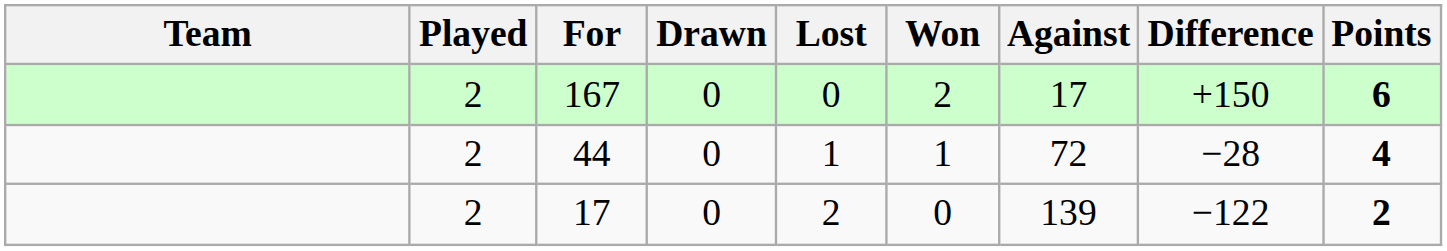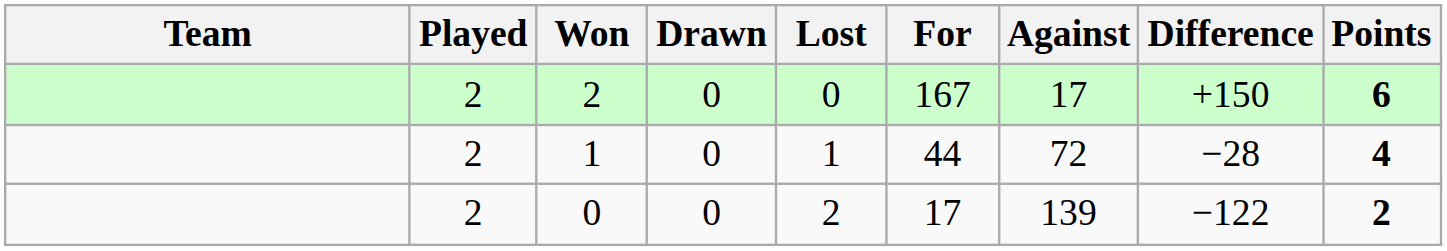 <table class="wikitable" style="text-align:center">
 <tr>
 <th width=165>Team</th>
 <th width=40>Played</th>
-<th width=40>For</th>
+<th width=40>Won</th>
 <th width=40>Drawn</th>
 <th width=40>Lost</th>
-<th width=40>Won</th>
+<th width=40>For</th>
 <th width=40>Against</th>
 <th width=40>Difference</th>
 <th width=40>Points</th>
 </tr>
 <tr bgcolor=#ccffcc>
 <td style="text-align:left"></td>
 <td>2</td>
-<td>167</td>
+<td>2</td>
 <td>0</td>
 <td>0</td>
-<td>2</td>
+<td>167</td>
 <td>17</td>
 <td>+150</td>
 <td><strong>6</strong></td>
 </tr>
 <tr>
 <td style="text-align:left"></td>
 <td>2</td>
-<td>44</td>
+<td>1</td>
 <td>0</td>
 <td>1</td>
-<td>1</td>
+<td>44</td>
 <td>72</td>
 <td>−28</td>
 <td><strong>4</strong></td>
 </tr>
 <tr>
 <td style="text-align:left"></td>
 <td>2</td>
-<td>17</td>
+<td>0</td>
 <td>0</td>
 <td>2</td>
-<td>0</td>
+<td>17</td>
 <td>139</td>
 <td>−122</td>
 <td><strong>2</strong></td>
 </tr>
 </table>
